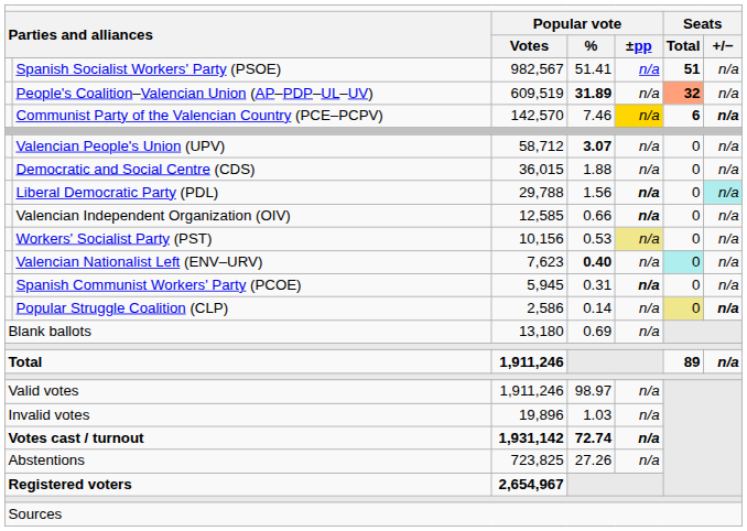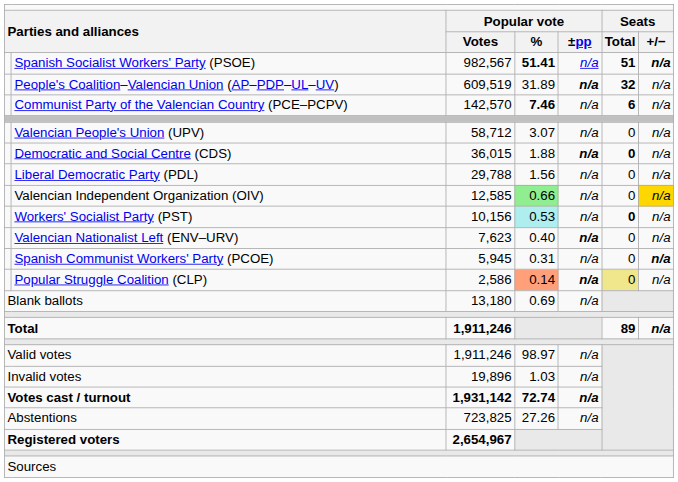 <table class="wikitable" style="text-align:right;">
 <tr>
 <td colspan="7"></td>
 </tr>
 <tr>
 <th style="text-align:left;" rowspan="2" colspan="2" width="525">Parties and alliances</th>
 <th colspan="3">Popular vote</th>
 <th colspan="2">Seats</th>
 </tr>
 <tr>
 <th width="75">Votes</th>
 <th width="45">%</th>
 <th width="45">±<a href='#'>pp</a></th>
 <th width="35">Total</th>
 <th width="35">+/−</th>
 </tr>
 <tr>
 <td width="1" style="color:inherit;background:"></td>
 <td align="left"><a href='#'>Spanish Socialist Workers' Party</a> (PSOE)</td>
 <td>982,567</td>
-<td>51.41</td>
+<td><strong>51.41</strong></td>
 <td><em><a href='#'>n/a</a></em></td>
 <td><strong>51</strong></td>
-<td><em>n/a</em></td>
+<td><strong><em>n/a</em></strong></td>
 </tr>
 <tr>
 <td style="color:inherit;background:"></td>
 <td align="left"><a href='#'>People's Coalition</a>–<a href='#'>Valencian Union</a> (<a href='#'>AP</a>–<a href='#'>PDP</a>–<a href='#'>UL</a>–<a href='#'>UV</a>)</td>
 <td>609,519</td>
-<td><strong>31.89</strong></td>
-<td><em>n/a</em></td>
-<td style="background: lightsalmon;"><strong>32</strong></td>
+<td>31.89</td>
+<td><strong><em>n/a</em></strong></td>
+<td><strong>32</strong></td>
 <td><em>n/a</em></td>
 </tr>
 <tr>
 <td style="color:inherit;background:"></td>
 <td align="left"><a href='#'>Communist Party of the Valencian Country</a> (PCE–PCPV)</td>
 <td>142,570</td>
-<td>7.46</td>
-<td style="background: gold;"><em>n/a</em></td>
+<td><strong>7.46</strong></td>
+<td><em>n/a</em></td>
 <td><strong>6</strong></td>
-<td><strong><em>n/a</em></strong></td>
+<td><em>n/a</em></td>
 </tr>
 <tr>
 <td colspan="7" bgcolor="#C0C0C0"></td>
 </tr>
 <tr>
 <td style="color:inherit;background:"></td>
 <td align="left"><a href='#'>Valencian People's Union</a> (UPV)</td>
 <td>58,712</td>
-<td><strong>3.07</strong></td>
+<td>3.07</td>
 <td><em>n/a</em></td>
 <td>0</td>
 <td><em>n/a</em></td>
 </tr>
 <tr>
 <td style="color:inherit;background:"></td>
 <td align="left"><a href='#'>Democratic and Social Centre</a> (CDS)</td>
 <td>36,015</td>
 <td>1.88</td>
-<td><em>n/a</em></td>
-<td>0</td>
+<td><strong><em>n/a</em></strong></td>
+<td><strong>0</strong></td>
 <td><em>n/a</em></td>
 </tr>
 <tr>
 <td style="color:inherit;background:"></td>
 <td align="left"><a href='#'>Liberal Democratic Party</a> (PDL)</td>
 <td>29,788</td>
 <td>1.56</td>
-<td><strong><em>n/a</em></strong></td>
+<td><em>n/a</em></td>
 <td>0</td>
-<td style="background: paleturquoise;"><em>n/a</em></td>
+<td><em>n/a</em></td>
 </tr>
 <tr>
 <td style="color:inherit;background:"></td>
 <td align="left">Valencian Independent Organization (OIV)</td>
 <td>12,585</td>
-<td>0.66</td>
-<td><strong><em>n/a</em></strong></td>
+<td style="background: lightgreen;">0.66</td>
+<td><em>n/a</em></td>
 <td>0</td>
-<td><em>n/a</em></td>
+<td style="background: gold;"><em>n/a</em></td>
 </tr>
 <tr>
 <td style="color:inherit;background:"></td>
 <td align="left"><a href='#'>Workers' Socialist Party</a> (PST)</td>
 <td>10,156</td>
-<td>0.53</td>
-<td style="background: khaki;"><em>n/a</em></td>
-<td>0</td>
+<td style="background: paleturquoise;">0.53</td>
+<td><em>n/a</em></td>
+<td><strong>0</strong></td>
 <td><em>n/a</em></td>
 </tr>
 <tr>
 <td style="color:inherit;background:"></td>
 <td align="left"><a href='#'>Valencian Nationalist Left</a> (ENV–URV)</td>
 <td>7,623</td>
-<td><strong>0.40</strong></td>
-<td><em>n/a</em></td>
-<td style="background: paleturquoise;">0</td>
+<td>0.40</td>
+<td><strong><em>n/a</em></strong></td>
+<td>0</td>
 <td><em>n/a</em></td>
 </tr>
 <tr>
 <td style="color:inherit;background:"></td>
 <td align="left"><a href='#'>Spanish Communist Workers' Party</a> (PCOE)</td>
 <td>5,945</td>
 <td>0.31</td>
+<td><em>n/a</em></td>
+<td>0</td>
 <td><strong><em>n/a</em></strong></td>
-<td>0</td>
-<td><em>n/a</em></td>
 </tr>
 <tr>
 <td style="color:inherit;background:"></td>
 <td align="left"><a href='#'>Popular Struggle Coalition</a> (CLP)</td>
 <td>2,586</td>
-<td>0.14</td>
+<td style="background: lightsalmon;">0.14</td>
+<td><strong><em>n/a</em></strong></td>
+<td style="background: khaki;">0</td>
 <td><em>n/a</em></td>
-<td style="background: khaki;">0</td>
-<td><strong><em>n/a</em></strong></td>
 </tr>
 <tr>
 <td align="left" colspan="2">Blank ballots</td>
 <td>13,180</td>
 <td>0.69</td>
 <td><em>n/a</em></td>
 <td bgcolor="#E9E9E9" colspan="2"></td>
 </tr>
 <tr>
 <td colspan="7" bgcolor="#E9E9E9"></td>
 </tr>
 <tr style="font-weight:bold;">
 <td align="left" colspan="2">Total</td>
 <td>1,911,246</td>
 <td bgcolor="#E9E9E9" colspan="2"></td>
 <td>89</td>
 <td><em>n/a</em></td>
 </tr>
 <tr>
 <td colspan="7" bgcolor="#E9E9E9"></td>
 </tr>
 <tr>
 <td align="left" colspan="2">Valid votes</td>
 <td>1,911,246</td>
 <td>98.97</td>
 <td><em>n/a</em></td>
 <td bgcolor="#E9E9E9" colspan="2" rowspan="5"></td>
 </tr>
 <tr>
 <td align="left" colspan="2">Invalid votes</td>
 <td>19,896</td>
 <td>1.03</td>
 <td><em>n/a</em></td>
 </tr>
 <tr style="font-weight:bold;">
 <td align="left" colspan="2">Votes cast / turnout</td>
 <td>1,931,142</td>
 <td>72.74</td>
 <td><em>n/a</em></td>
 </tr>
 <tr>
 <td align="left" colspan="2">Abstentions</td>
 <td>723,825</td>
 <td>27.26</td>
 <td><em>n/a</em></td>
 </tr>
 <tr style="font-weight:bold;">
 <td align="left" colspan="2">Registered voters</td>
 <td>2,654,967</td>
 <td bgcolor="#E9E9E9" colspan="2"></td>
 </tr>
 <tr>
 <td colspan="7" bgcolor="#E9E9E9"></td>
 </tr>
 <tr>
 <td align="left" colspan="7">Sources</td>
 </tr>
 </table>
